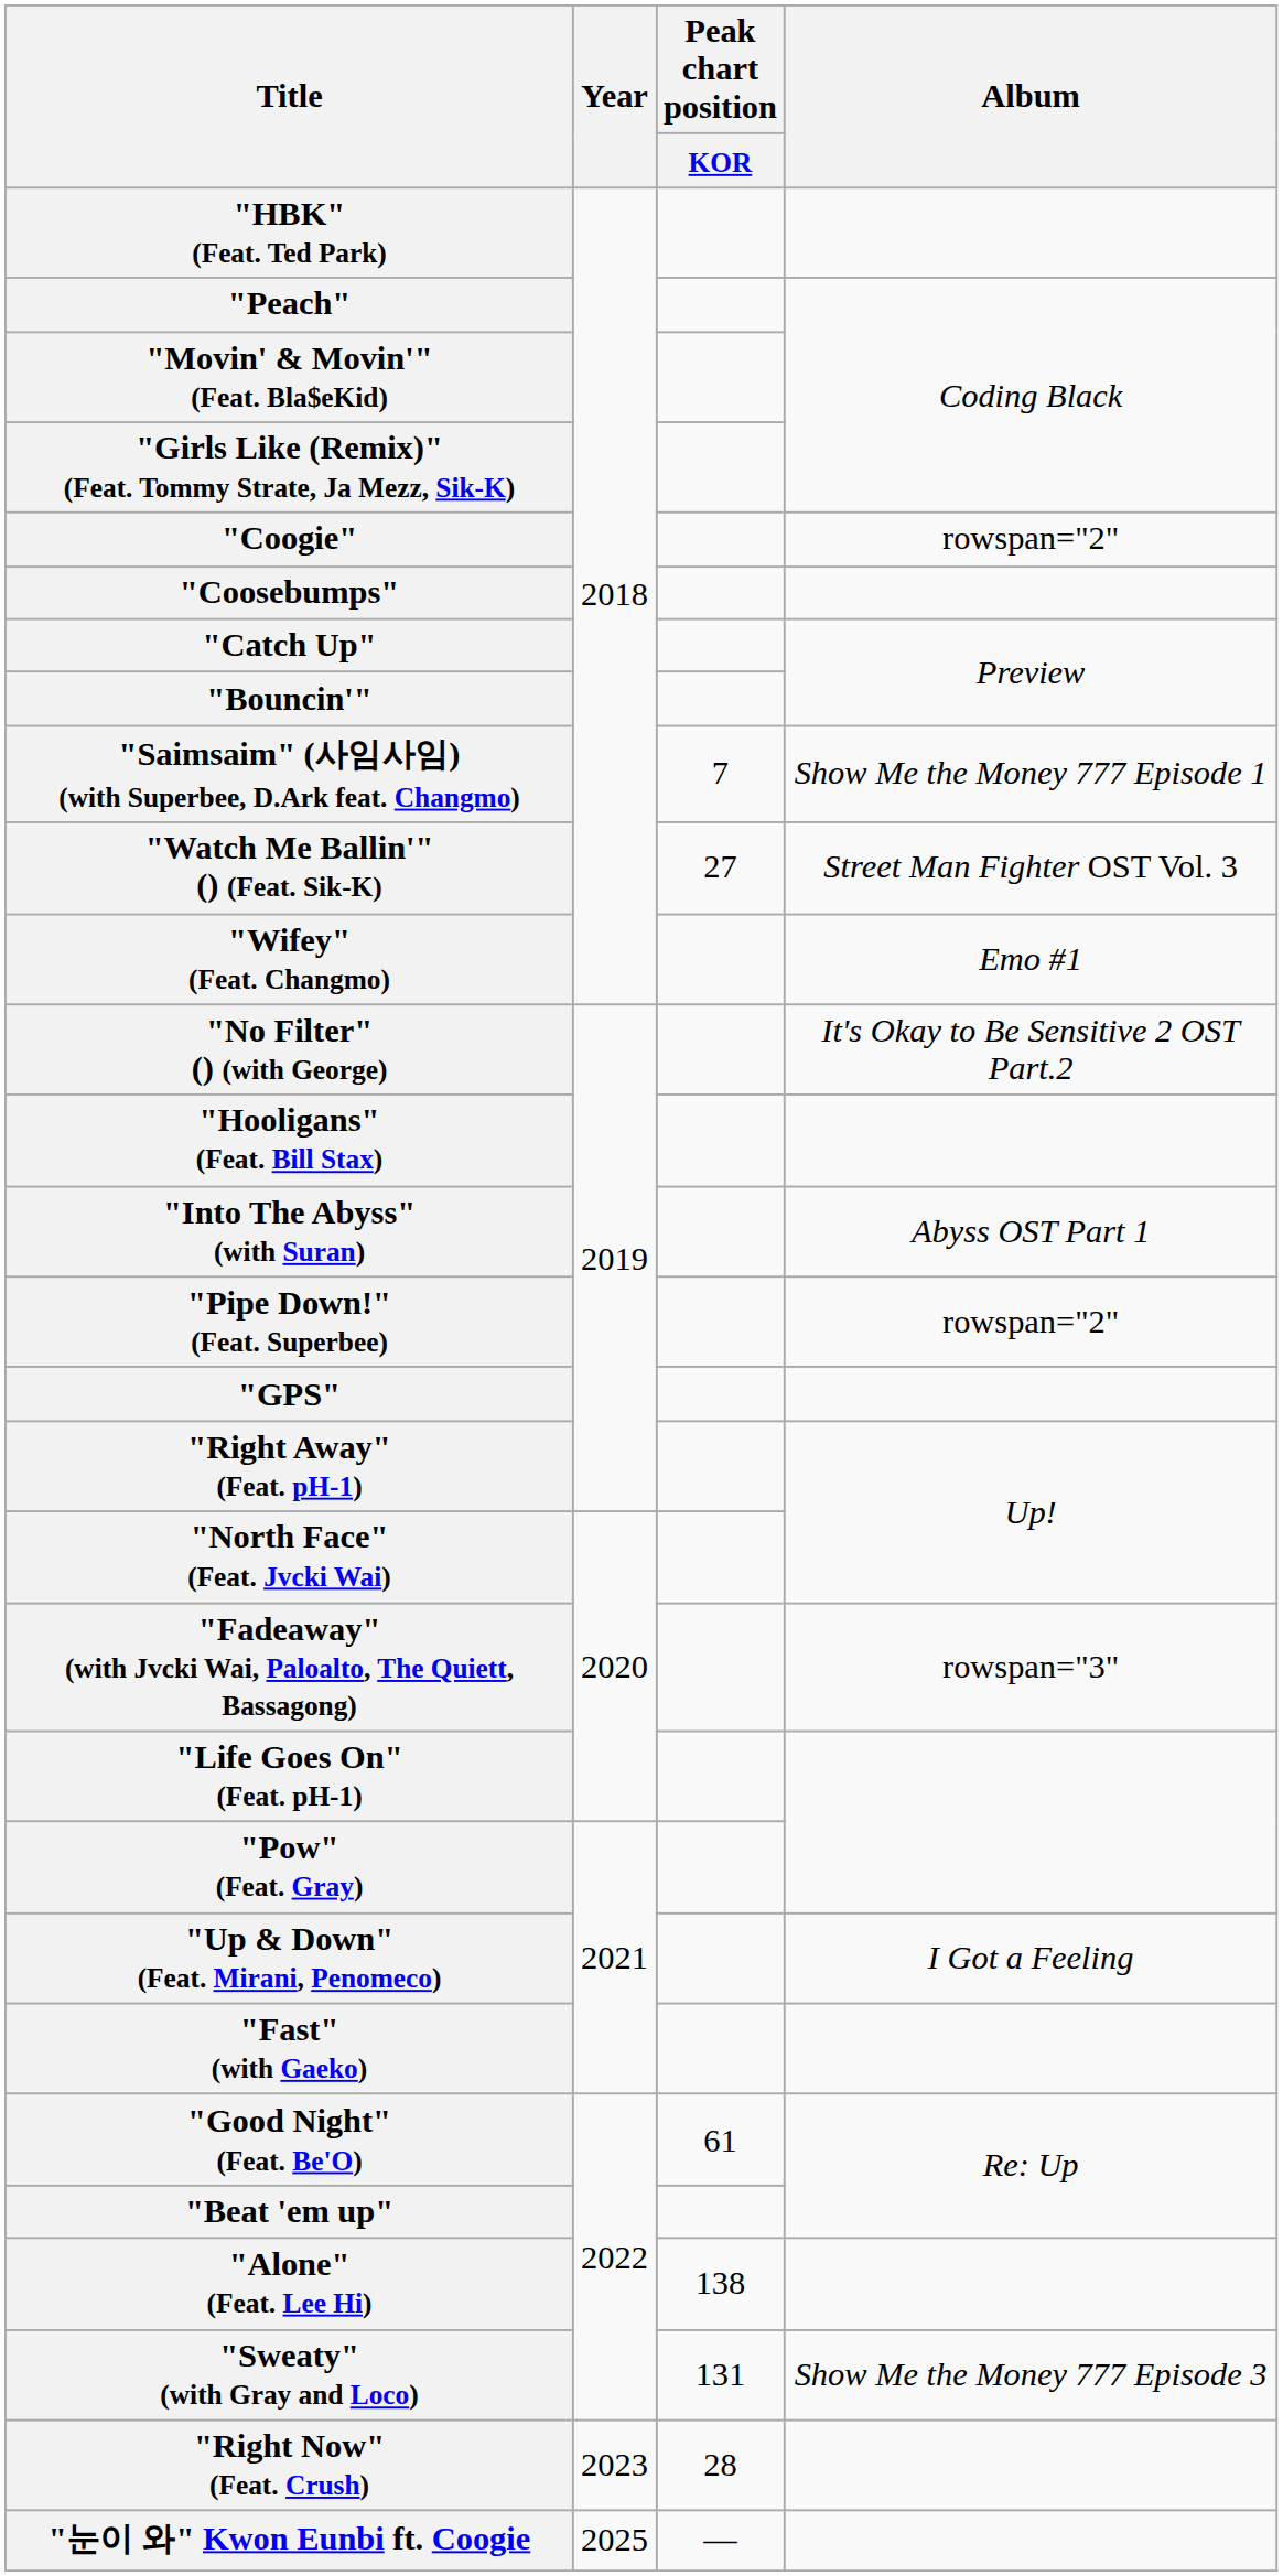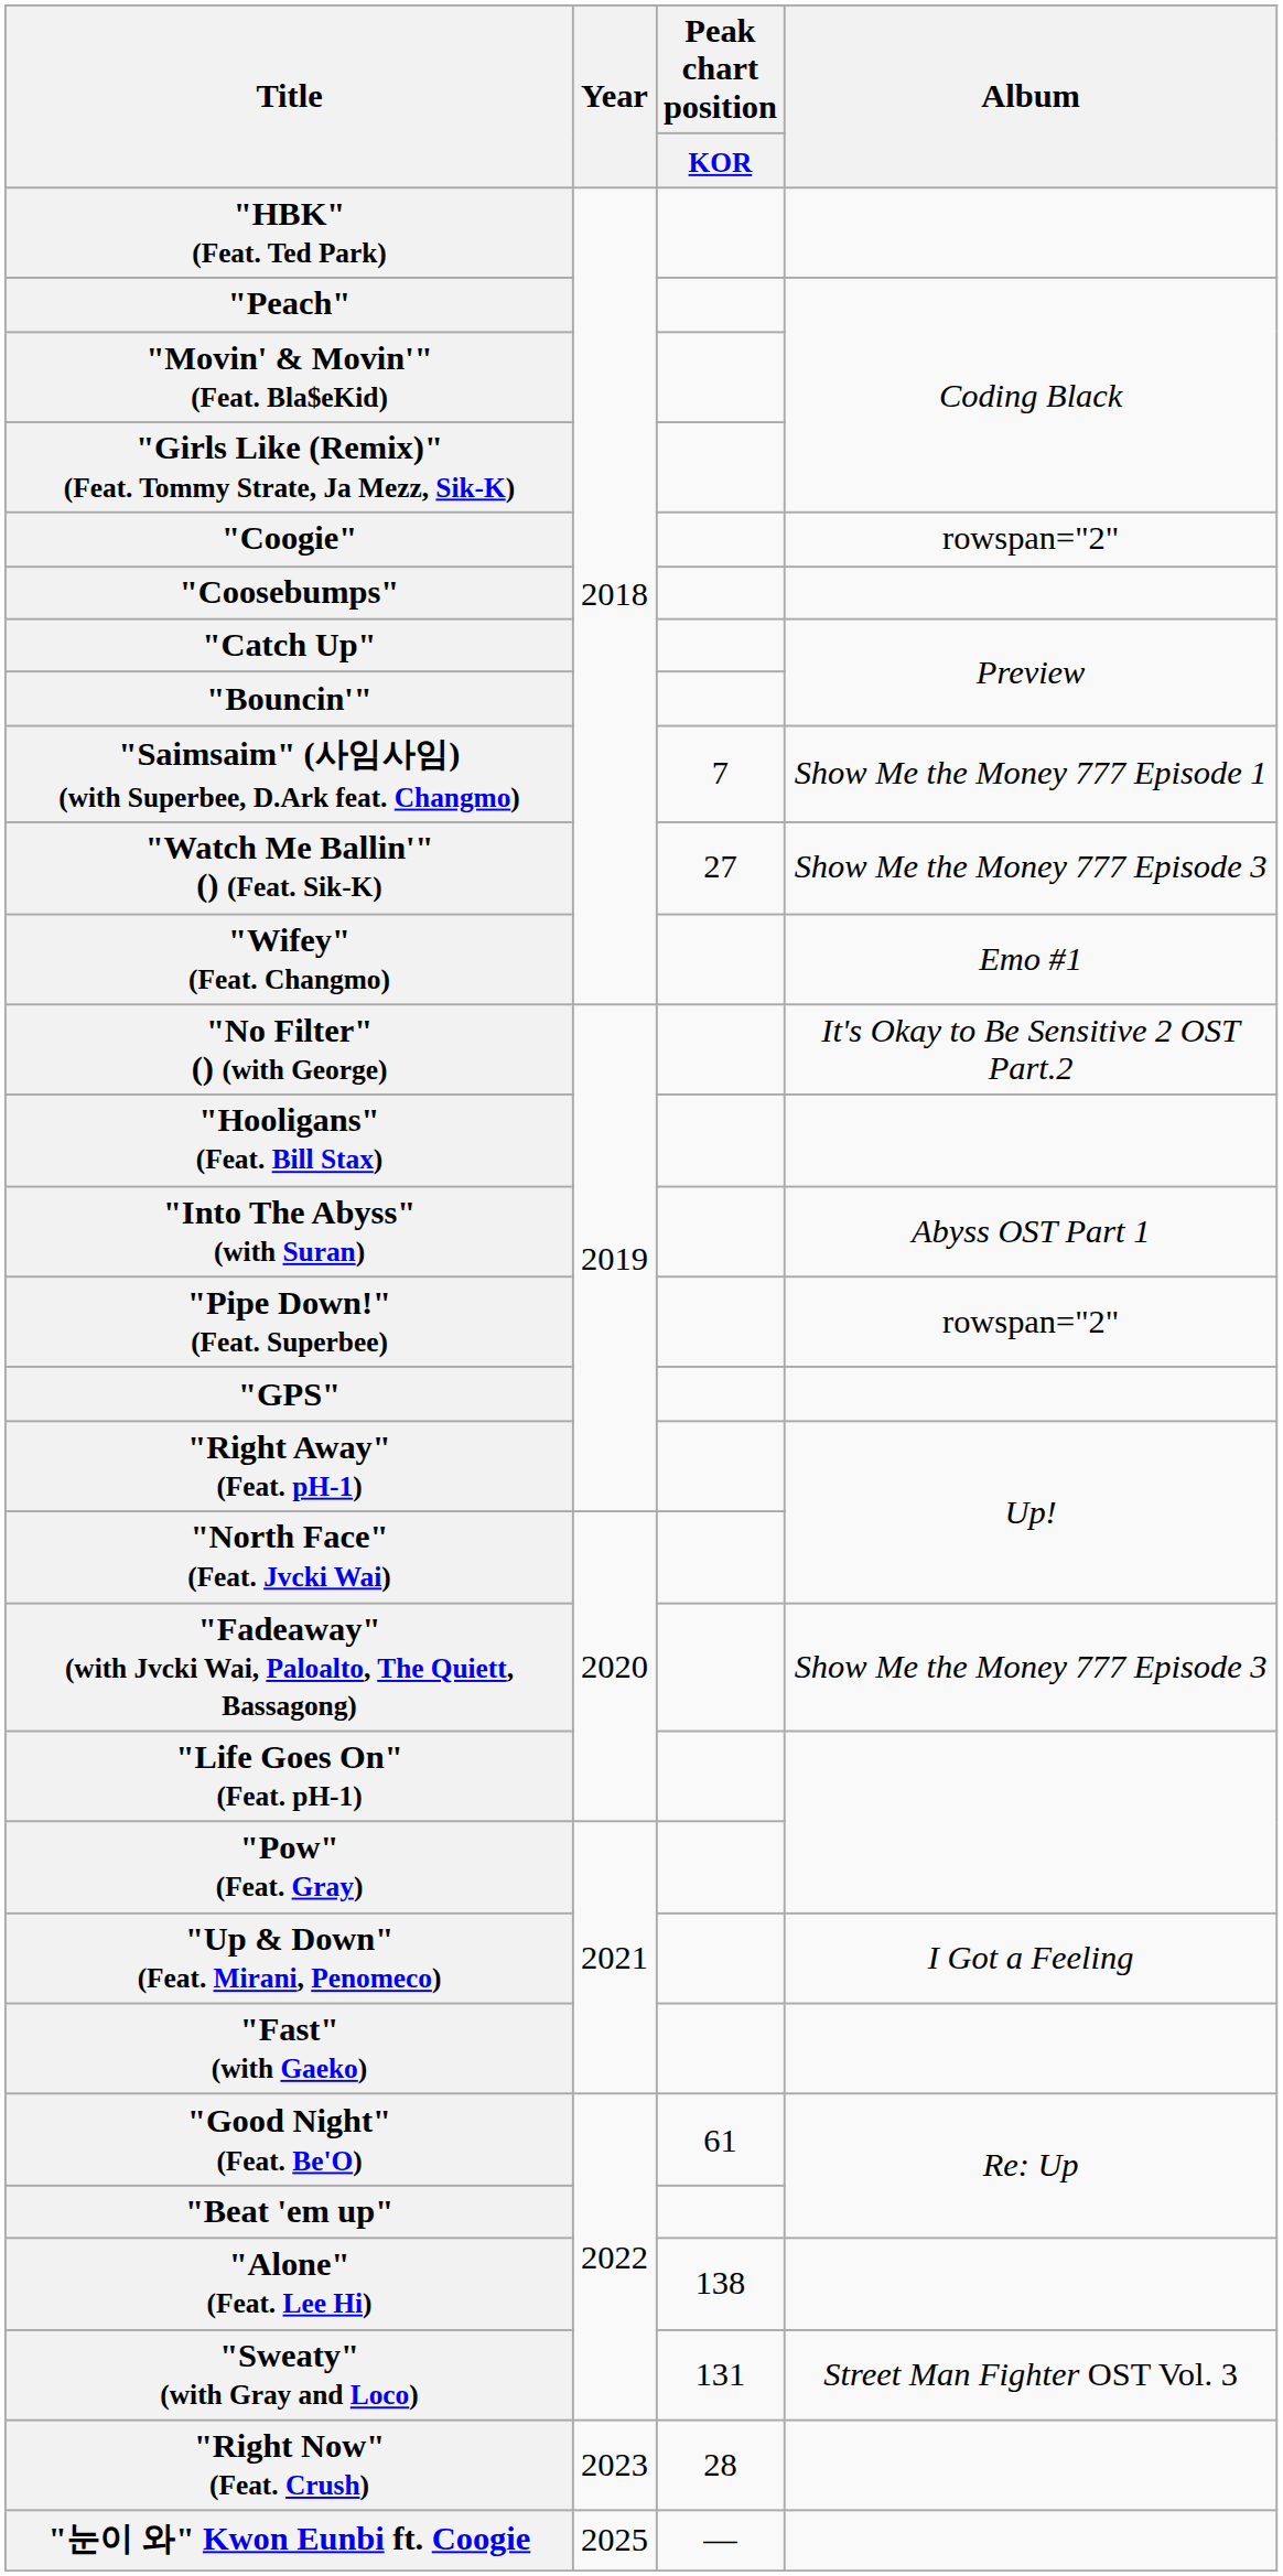 <table class="wikitable plainrowheaders" style="text-align:center">
 <tr>
 <th rowspan="2">Title</th>
 <th rowspan="2">Year</th>
 <th>Peak<br>chart<br>position</th>
 <th rowspan="2">Album</th>
 </tr>
 <tr>
 <th><a href='#'><small>KOR</small></a><br></th>
 </tr>
 <tr>
 <th scope="row">"HBK"<br><small>(Feat. Ted Park)</small></th>
 <td rowspan="11">2018</td>
 <td></td>
 <td></td>
 </tr>
 <tr>
 <th scope="row">"Peach"</th>
 <td></td>
 <td rowspan="3"><em>Coding Black</em></td>
 </tr>
 <tr>
 <th scope="row">"Movin' & Movin'"<br><small>(Feat. Bla$eKid)</small></th>
 <td></td>
 </tr>
 <tr>
 <th scope="row">"Girls Like (Remix)"<br><small>(Feat. Tommy Strate, Ja Mezz, <a href='#'>Sik-K</a>)</small></th>
 <td></td>
 </tr>
 <tr>
 <th scope="row">"Coogie"</th>
 <td></td>
 <td>rowspan="2" </td>
 </tr>
 <tr>
 <th scope="row">"Coosebumps"</th>
 <td></td>
 </tr>
 <tr>
 <th scope="row">"Catch Up"</th>
 <td></td>
 <td rowspan="2"><em>Preview</em></td>
 </tr>
 <tr>
 <th scope="row">"Bouncin'"</th>
 <td></td>
 </tr>
 <tr>
 <th scope="row">"Saimsaim" (사임사임)<br><small>(with Superbee, D.Ark feat. <a href='#'>Changmo</a>)</small></th>
 <td align="center">7</td>
 <td><em>Show Me the Money 777 Episode 1</em></td>
 </tr>
 <tr>
 <th scope="row">"Watch Me Ballin'"<br>() <small>(Feat. Sik-K)</small></th>
 <td align="center">27</td>
-<td><em>Street Man Fighter</em> OST Vol. 3</td>
+<td><em>Show Me the Money 777 Episode 3</em></td>
 </tr>
 <tr>
 <th scope="row">"Wifey"<br><small>(Feat. Changmo)</small></th>
 <td></td>
 <td><em>Emo #1</em></td>
 </tr>
 <tr>
 <th scope="row">"No Filter"<br>() <small>(with George)</small></th>
 <td rowspan="6">2019</td>
 <td></td>
 <td><em>It's Okay to Be Sensitive 2 OST Part.2</em></td>
 </tr>
 <tr>
 <th scope="row">"Hooligans"<br><small>(Feat. <a href='#'>Bill Stax</a>)</small></th>
 <td></td>
 <td></td>
 </tr>
 <tr>
 <th scope="row">"Into The Abyss"<br><small>(with <a href='#'>Suran</a>)</small></th>
 <td></td>
 <td><em>Abyss OST Part 1</em></td>
 </tr>
 <tr>
 <th scope="row">"Pipe Down!"<br><small>(Feat. Superbee)</small></th>
 <td></td>
 <td>rowspan="2" </td>
 </tr>
 <tr>
 <th scope="row">"GPS"</th>
 <td></td>
 </tr>
 <tr>
 <th scope="row">"Right Away"<br><small>(Feat. <a href='#'>pH-1</a>)</small></th>
 <td></td>
 <td rowspan="2"><em>Up!</em></td>
 </tr>
 <tr>
 <th scope="row">"North Face"<br><small>(Feat. <a href='#'>Jvcki Wai</a>)</small></th>
 <td rowspan="3">2020</td>
 <td></td>
 </tr>
 <tr>
 <th scope="row">"Fadeaway"<br><small>(with Jvcki Wai, <a href='#'>Paloalto</a>, <a href='#'>The Quiett</a>, Bassagong)</small></th>
 <td></td>
-<td>rowspan="3" </td>
+<td><em>Show Me the Money 777 Episode 3</em></td>
 </tr>
 <tr>
 <th scope="row">"Life Goes On"<br><small>(Feat. pH-1)</small></th>
 <td></td>
 </tr>
 <tr>
 <th scope="row">"Pow"<br><small>(Feat. <a href='#'>Gray</a>)</small></th>
 <td rowspan="3">2021</td>
 <td></td>
 </tr>
 <tr>
 <th scope="row">"Up & Down"<br><small>(Feat. <a href='#'>Mirani</a>, <a href='#'>Penomeco</a>)</small></th>
 <td></td>
 <td><em>I Got a Feeling</em></td>
 </tr>
 <tr>
 <th scope="row">"Fast"<br><small>(with <a href='#'>Gaeko</a>)</small></th>
 <td></td>
 <td></td>
 </tr>
 <tr>
 <th scope="row">"Good Night"<br><small>(Feat. <a href='#'>Be'O</a>)</small></th>
 <td rowspan="4">2022</td>
 <td align="center">61</td>
 <td rowspan="2"><em>Re: Up</em></td>
 </tr>
 <tr>
 <th scope="row">"Beat 'em up"</th>
 <td></td>
 </tr>
 <tr>
 <th scope="row">"Alone"<br><small>(Feat. <a href='#'>Lee Hi</a>)</small></th>
 <td>138</td>
 <td></td>
 </tr>
 <tr>
 <th scope="row">"Sweaty"<br><small>(with Gray and <a href='#'>Loco</a>)</small></th>
 <td align="center">131</td>
-<td><em>Show Me the Money 777 Episode 3</em></td>
+<td><em>Street Man Fighter</em> OST Vol. 3</td>
 </tr>
 <tr>
 <th scope="row">"Right Now"<br><small>(Feat. <a href='#'>Crush</a>)</small></th>
 <td>2023</td>
 <td>28</td>
 <td></td>
 </tr>
 <tr>
 <th scope="row">"눈이 와" <a href='#'>Kwon Eunbi</a> ft. <a href='#'>Coogie</a></th>
 <td>2025</td>
 <td>—</td>
 <td></td>
 </tr>
 <tr>
 </tr>
 </table>
